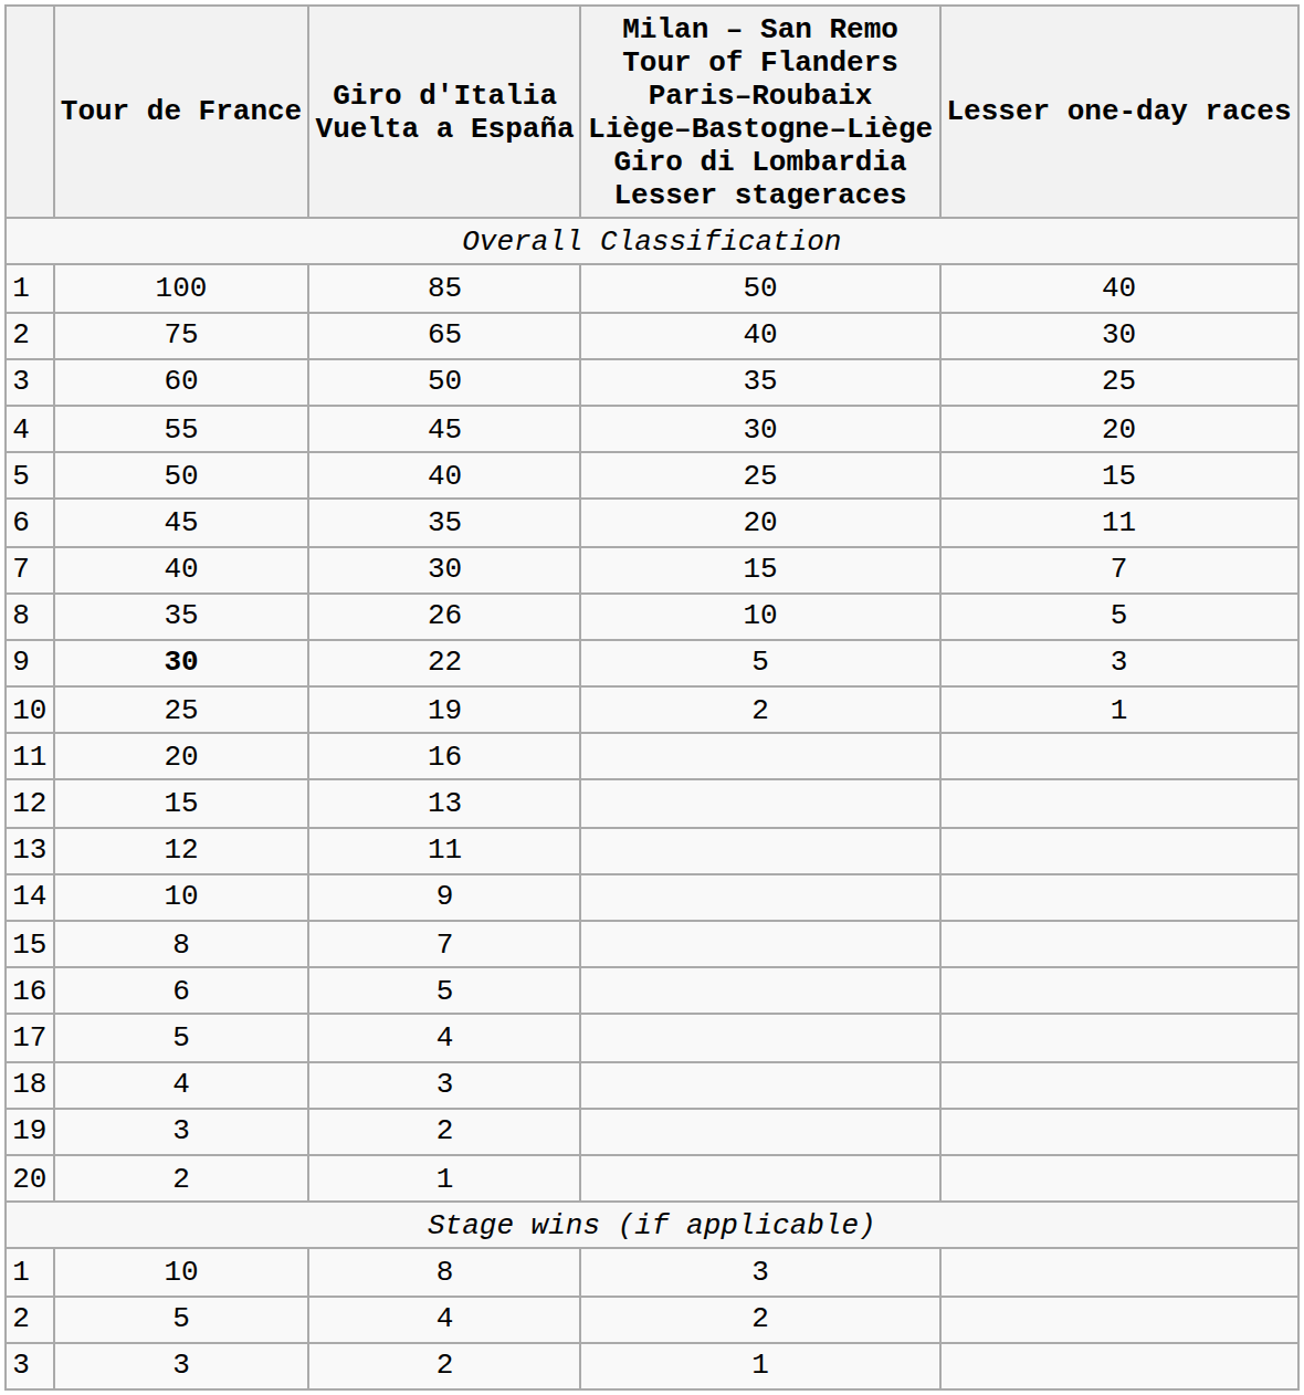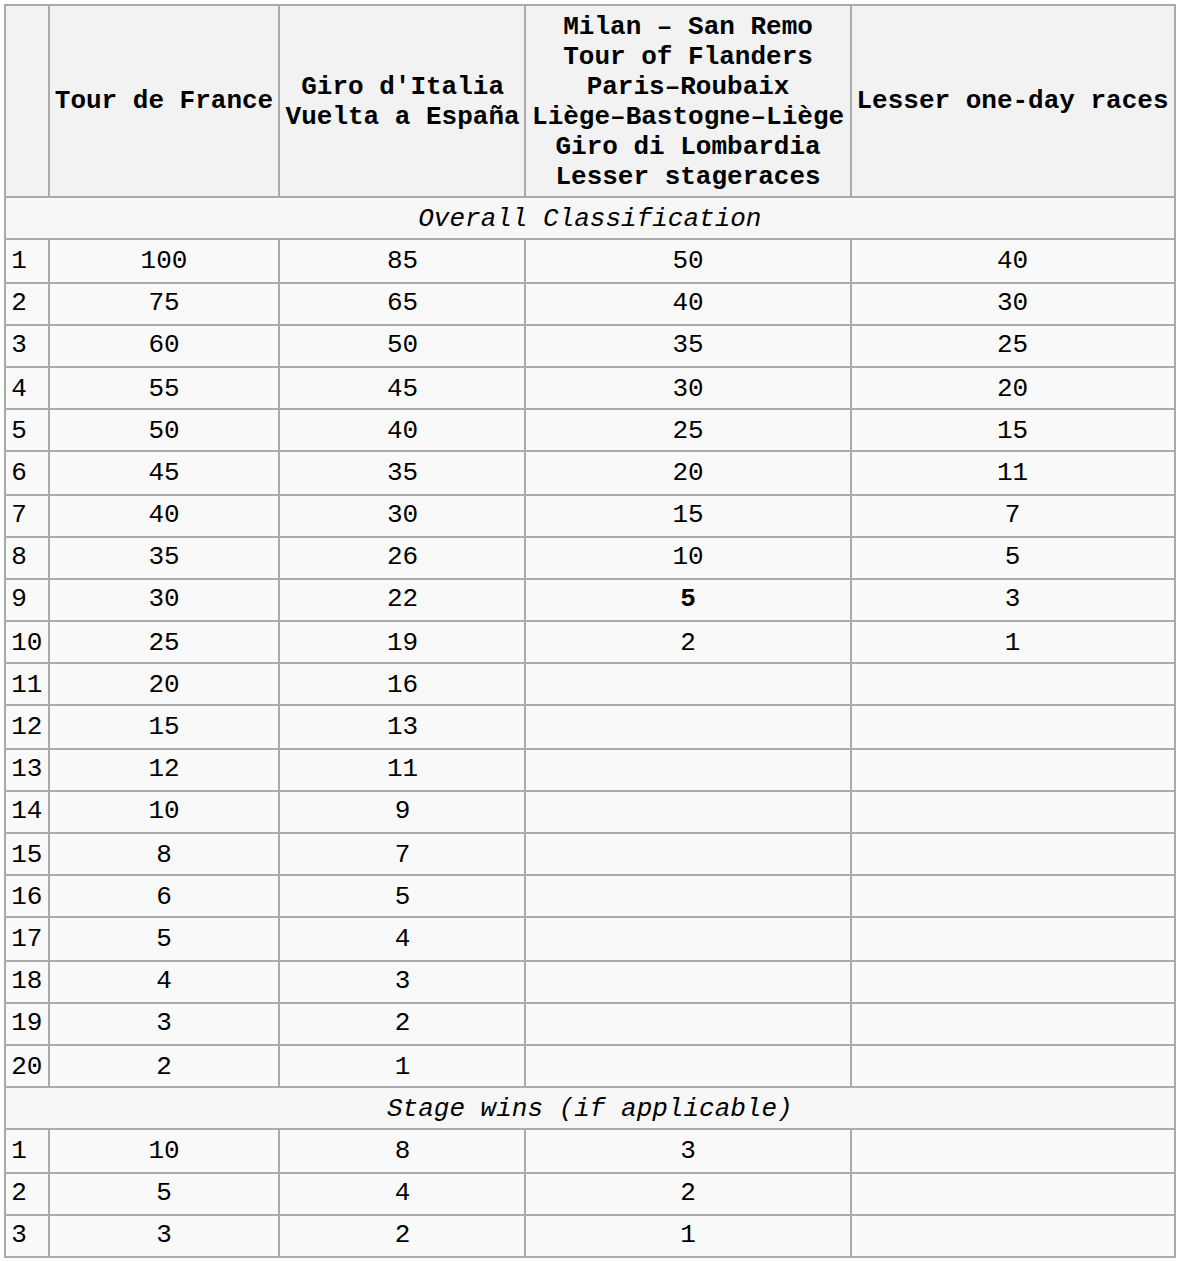 <table class="wikitable">
 <tr style="background:#ccccff;">
 <th></th>
 <th>Tour de France</th>
 <th>Giro d'Italia<br>Vuelta a España</th>
 <th>Milan – San Remo<br>Tour of Flanders<br>Paris–Roubaix<br>Liège–Bastogne–Liège<br>Giro di Lombardia<br>Lesser stageraces</th>
 <th>Lesser one-day races</th>
 </tr>
 <tr>
 <td colspan=5 bgcolor=#f7f7f7 align=center><em>Overall Classification</em></td>
 </tr>
 <tr>
 <td>1</td>
 <td align=center>100</td>
 <td align=center>85</td>
 <td align=center>50</td>
 <td align=center>40</td>
 </tr>
 <tr>
 <td>2</td>
 <td align=center>75</td>
 <td align=center>65</td>
 <td align=center>40</td>
 <td align=center>30</td>
 </tr>
 <tr>
 <td>3</td>
 <td align=center>60</td>
 <td align=center>50</td>
 <td align=center>35</td>
 <td align=center>25</td>
 </tr>
 <tr>
 <td>4</td>
 <td align=center>55</td>
 <td align=center>45</td>
 <td align=center>30</td>
 <td align=center>20</td>
 </tr>
 <tr>
 <td>5</td>
 <td align=center>50</td>
 <td align=center>40</td>
 <td align=center>25</td>
 <td align=center>15</td>
 </tr>
 <tr>
 <td>6</td>
 <td align=center>45</td>
 <td align=center>35</td>
 <td align=center>20</td>
 <td align=center>11</td>
 </tr>
 <tr>
 <td>7</td>
 <td align=center>40</td>
 <td align=center>30</td>
 <td align=center>15</td>
 <td align=center>7</td>
 </tr>
 <tr>
 <td>8</td>
 <td align=center>35</td>
 <td align=center>26</td>
 <td align=center>10</td>
 <td align=center>5</td>
 </tr>
 <tr>
 <td>9</td>
-<td align=center><strong>30</strong></td>
+<td align=center>30</td>
 <td align=center>22</td>
-<td align=center>5</td>
+<td align=center><strong>5</strong></td>
 <td align=center>3</td>
 </tr>
 <tr>
 <td>10</td>
 <td align=center>25</td>
 <td align=center>19</td>
 <td align=center>2</td>
 <td align=center>1</td>
 </tr>
 <tr>
 <td>11</td>
 <td align=center>20</td>
 <td align=center>16</td>
 <td></td>
 <td></td>
 </tr>
 <tr>
 <td>12</td>
 <td align=center>15</td>
 <td align=center>13</td>
 <td></td>
 <td></td>
 </tr>
 <tr>
 <td>13</td>
 <td align=center>12</td>
 <td align=center>11</td>
 <td></td>
 <td></td>
 </tr>
 <tr>
 <td>14</td>
 <td align=center>10</td>
 <td align=center>9</td>
 <td></td>
 <td></td>
 </tr>
 <tr>
 <td>15</td>
 <td align=center>8</td>
 <td align=center>7</td>
 <td></td>
 <td></td>
 </tr>
 <tr>
 <td>16</td>
 <td align=center>6</td>
 <td align=center>5</td>
 <td></td>
 <td></td>
 </tr>
 <tr>
 <td>17</td>
 <td align=center>5</td>
 <td align=center>4</td>
 <td></td>
 <td></td>
 </tr>
 <tr>
 <td>18</td>
 <td align=center>4</td>
 <td align=center>3</td>
 <td></td>
 <td></td>
 </tr>
 <tr>
 <td>19</td>
 <td align=center>3</td>
 <td align=center>2</td>
 <td></td>
 <td></td>
 </tr>
 <tr>
 <td>20</td>
 <td align=center>2</td>
 <td align=center>1</td>
 <td></td>
 <td></td>
 </tr>
 <tr>
 <td colspan=6 bgcolor=#f7f7f7 align=center><em>Stage wins (if applicable)</em></td>
 </tr>
 <tr>
 <td>1</td>
 <td align=center>10</td>
 <td align=center>8</td>
 <td align=center>3</td>
 <td></td>
 </tr>
 <tr>
 <td>2</td>
 <td align=center>5</td>
 <td align=center>4</td>
 <td align=center>2</td>
 <td></td>
 </tr>
 <tr>
 <td>3</td>
 <td align=center>3</td>
 <td align=center>2</td>
 <td align=center>1</td>
 <td></td>
 </tr>
 </table>
